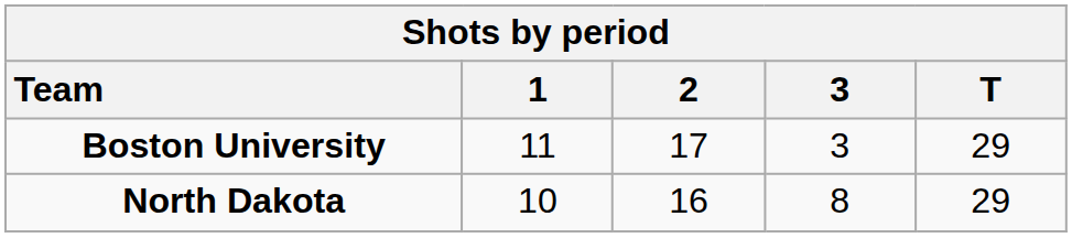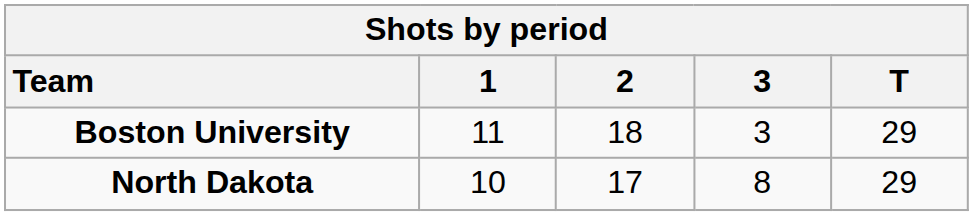 <table class="wikitable" style="width:30em; text-align:right;">
 <tr>
 <th colspan=6>Shots by period</th>
 </tr>
 <tr>
 <th style="width:10em; text-align:left;">Team</th>
 <th style="width:3em;">1</th>
 <th style="width:3em;">2</th>
 <th style="width:3em;">3</th>
 <th style="width:3em;">T</th>
 </tr>
 <tr>
 <td align=center><strong>Boston University</strong></td>
 <td align=center>11</td>
-<td align=center>17</td>
+<td align=center>18</td>
 <td align=center>3</td>
 <td align=center>29</td>
 </tr>
 <tr>
 <td align=center><strong>North Dakota</strong></td>
 <td align=center>10</td>
-<td align=center>16</td>
+<td align=center>17</td>
 <td align=center>8</td>
 <td align=center>29</td>
 </tr>
 </table>
